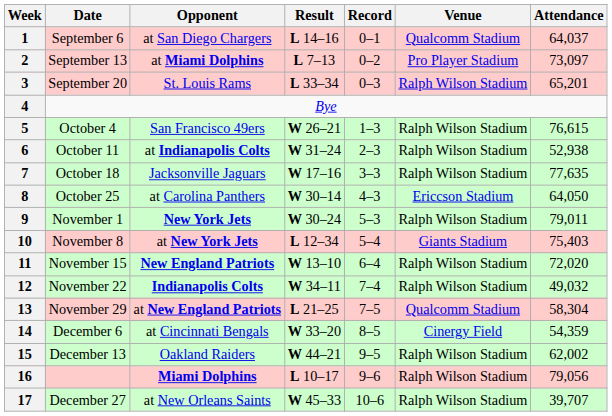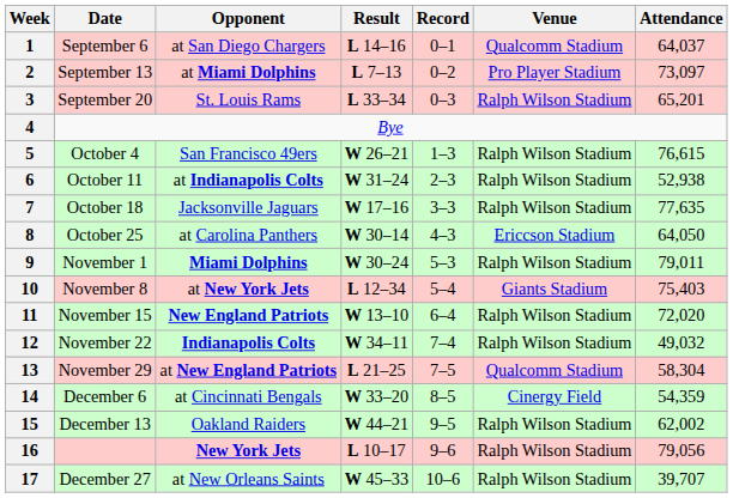 <table class="wikitable" style="text-align:center">
 <tr>
 <th>Week</th>
 <th>Date</th>
 <th>Opponent</th>
 <th>Result</th>
 <th>Record</th>
 <th>Venue</th>
 <th>Attendance</th>
 </tr>
 <tr style="background:#fcc">
 <th>1</th>
 <td>September 6</td>
 <td>at <a href='#'>San Diego Chargers</a></td>
 <td><strong>L</strong> 14–16</td>
 <td>0–1</td>
 <td><a href='#'>Qualcomm Stadium</a></td>
 <td>64,037</td>
 </tr>
 <tr style="background:#fcc">
 <th>2</th>
 <td>September 13</td>
 <td>at <strong><a href='#'>Miami Dolphins</a></strong></td>
 <td><strong>L</strong> 7–13</td>
 <td>0–2</td>
 <td><a href='#'>Pro Player Stadium</a></td>
 <td>73,097</td>
 </tr>
 <tr style="background: #fcc">
 <th>3</th>
 <td>September 20</td>
 <td><a href='#'>St. Louis Rams</a></td>
 <td><strong>L</strong> 33–34</td>
 <td>0–3</td>
 <td><a href='#'>Ralph Wilson Stadium</a></td>
 <td>65,201</td>
 </tr>
 <tr>
 <th>4</th>
 <td colspan=6><em><a href='#'>Bye</a></em></td>
 </tr>
 <tr style="background:#cfc">
 <th>5</th>
 <td>October 4</td>
 <td><a href='#'>San Francisco 49ers</a></td>
 <td><strong>W</strong> 26–21</td>
 <td>1–3</td>
 <td>Ralph Wilson Stadium</td>
 <td>76,615</td>
 </tr>
 <tr style="background:#cfc">
 <th>6</th>
 <td>October 11</td>
 <td>at <strong><a href='#'>Indianapolis Colts</a></strong></td>
 <td><strong>W</strong> 31–24</td>
 <td>2–3</td>
 <td>Ralph Wilson Stadium</td>
 <td>52,938</td>
 </tr>
 <tr style="background:#cfc">
 <th>7</th>
 <td>October 18</td>
 <td><a href='#'>Jacksonville Jaguars</a></td>
 <td><strong>W</strong> 17–16</td>
 <td>3–3</td>
 <td>Ralph Wilson Stadium</td>
 <td>77,635</td>
 </tr>
 <tr style="background:#cfc">
 <th>8</th>
 <td>October 25</td>
 <td>at <a href='#'>Carolina Panthers</a></td>
 <td><strong>W</strong> 30–14</td>
 <td>4–3</td>
 <td><a href='#'>Ericcson Stadium</a></td>
 <td>64,050</td>
 </tr>
 <tr style="background:#cfc">
 <th>9</th>
 <td>November 1</td>
-<td><strong><a href='#'>New York Jets</a></strong></td>
+<td><strong><a href='#'>Miami Dolphins</a></strong></td>
 <td><strong>W</strong> 30–24</td>
 <td>5–3</td>
 <td>Ralph Wilson Stadium</td>
 <td>79,011</td>
 </tr>
 <tr style="background:#fcc">
 <th>10</th>
 <td>November 8</td>
 <td>at <strong><a href='#'>New York Jets</a></strong></td>
 <td><strong>L</strong> 12–34</td>
 <td>5–4</td>
 <td><a href='#'>Giants Stadium</a></td>
 <td>75,403</td>
 </tr>
 <tr style="background:#cfc">
 <th>11</th>
 <td>November 15</td>
 <td><strong><a href='#'>New England Patriots</a></strong></td>
 <td><strong>W</strong> 13–10</td>
 <td>6–4</td>
 <td>Ralph Wilson Stadium</td>
 <td>72,020</td>
 </tr>
 <tr style="background:#cfc">
 <th>12</th>
 <td>November 22</td>
 <td><strong><a href='#'>Indianapolis Colts</a></strong></td>
 <td><strong>W</strong> 34–11</td>
 <td>7–4</td>
 <td>Ralph Wilson Stadium</td>
 <td>49,032</td>
 </tr>
 <tr style="background:#fcc">
 <th>13</th>
 <td>November 29</td>
 <td>at <strong><a href='#'>New England Patriots</a></strong></td>
 <td><strong>L</strong> 21–25</td>
 <td>7–5</td>
 <td><a href='#'>Qualcomm Stadium</a></td>
 <td>58,304</td>
 </tr>
 <tr style="background:#cfc">
 <th>14</th>
 <td>December 6</td>
 <td>at <a href='#'>Cincinnati Bengals</a></td>
 <td><strong>W</strong> 33–20</td>
 <td>8–5</td>
 <td><a href='#'>Cinergy Field</a></td>
 <td>54,359</td>
 </tr>
 <tr style="background:#cfc">
 <th>15</th>
 <td>December 13</td>
 <td><a href='#'>Oakland Raiders</a></td>
 <td><strong>W</strong> 44–21</td>
 <td>9–5</td>
 <td>Ralph Wilson Stadium</td>
 <td>62,002</td>
 </tr>
 <tr style="background:#fcc">
 <th>16</th>
 <td></td>
-<td><strong><a href='#'>Miami Dolphins</a></strong></td>
+<td><strong><a href='#'>New York Jets</a></strong></td>
 <td><strong>L</strong> 10–17</td>
 <td>9–6</td>
 <td>Ralph Wilson Stadium</td>
 <td>79,056</td>
 </tr>
 <tr style="background:#cfc">
 <th>17</th>
 <td>December 27</td>
 <td>at <a href='#'>New Orleans Saints</a></td>
 <td><strong>W</strong> 45–33</td>
 <td>10–6</td>
 <td>Ralph Wilson Stadium</td>
 <td>39,707</td>
 </tr>
 </table>
